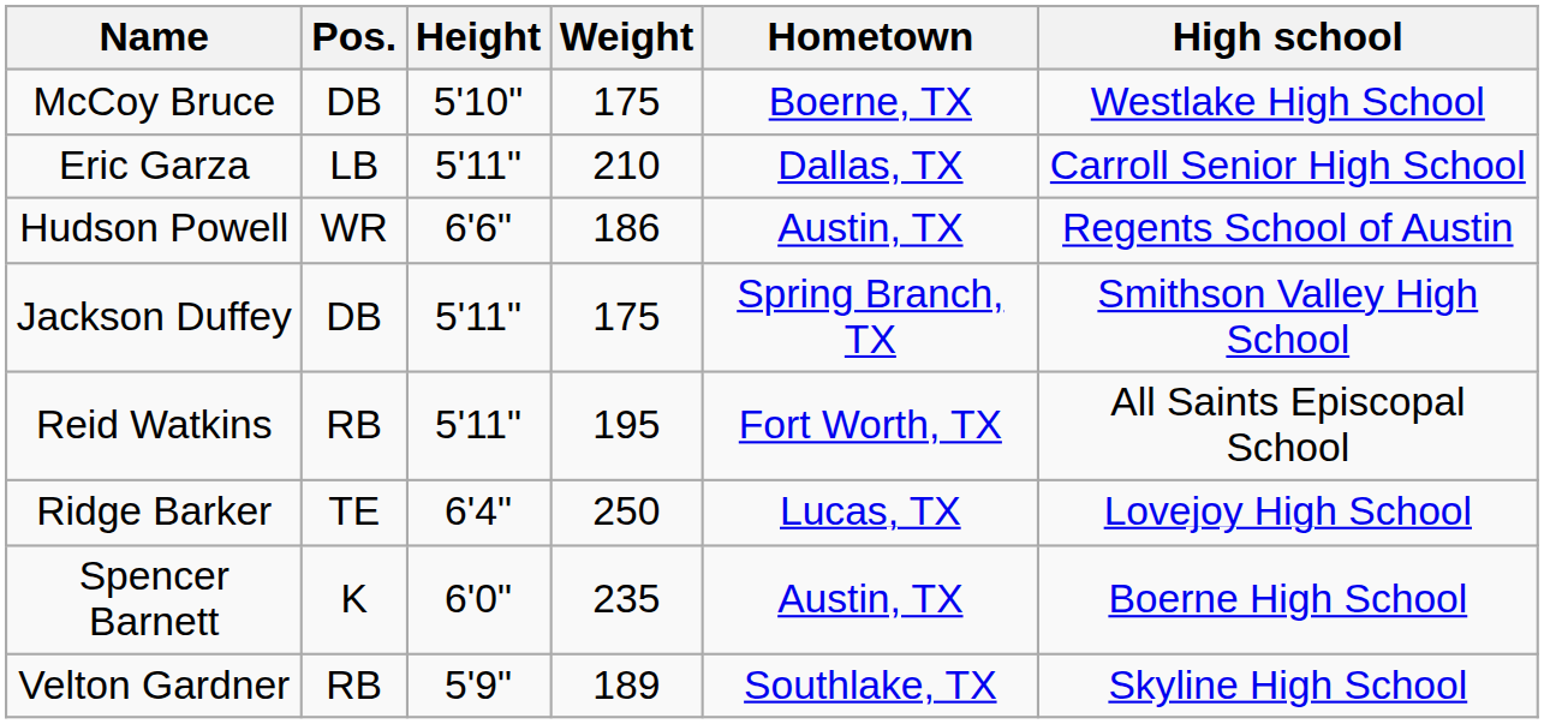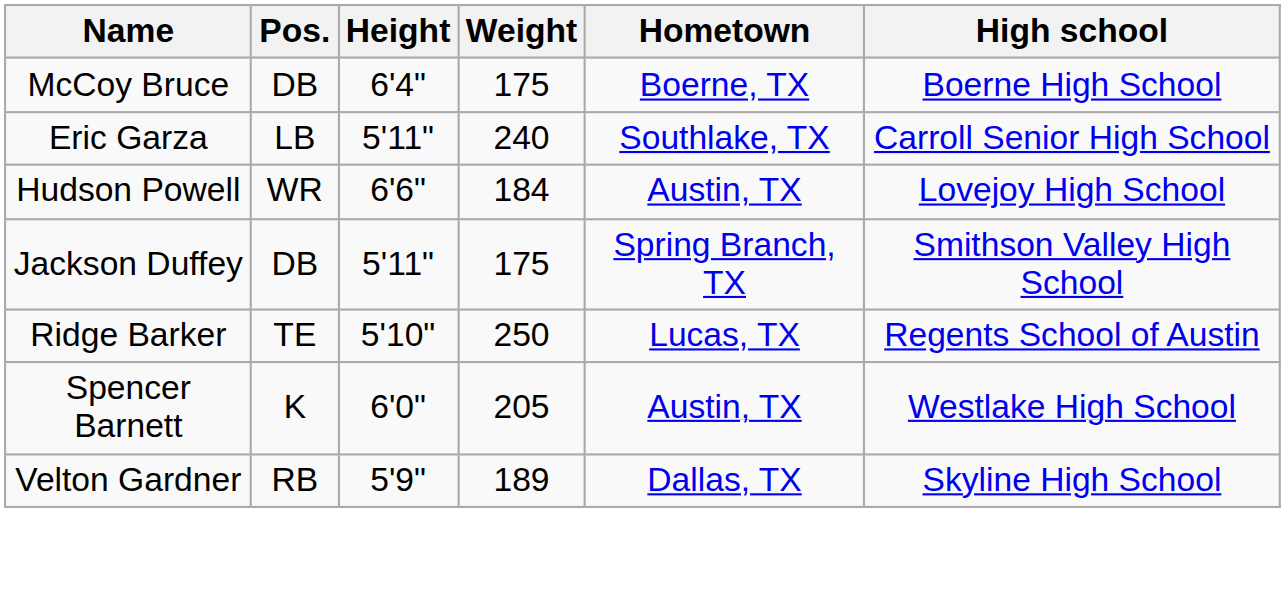 <table class="wikitable sortable">
 <tr>
 <th style="text-align:center; ">Name</th>
 <th style="text-align:center; ">Pos.</th>
 <th style="text-align:center; ">Height</th>
 <th style="text-align:center; ">Weight</th>
 <th style="text-align:center; ">Hometown</th>
 <th style="text-align:center; ">High school</th>
 </tr>
 <tr align="center">
 <td>McCoy Bruce</td>
 <td>DB</td>
-<td>5'10"</td>
+<td>6'4"</td>
 <td>175</td>
 <td><a href='#'>Boerne, TX</a></td>
-<td><a href='#'>Westlake High School</a></td>
+<td><a href='#'>Boerne High School</a></td>
 </tr>
 <tr align="center">
 <td>Eric Garza</td>
 <td>LB</td>
 <td>5'11"</td>
-<td>210</td>
-<td><a href='#'>Dallas, TX</a></td>
+<td>240</td>
+<td><a href='#'>Southlake, TX</a></td>
 <td><a href='#'>Carroll Senior High School</a></td>
 </tr>
 <tr align="center">
 <td>Hudson Powell</td>
 <td>WR</td>
 <td>6'6"</td>
-<td>186</td>
+<td>184</td>
 <td><a href='#'>Austin, TX</a></td>
-<td><a href='#'>Regents School of Austin</a></td>
+<td><a href='#'>Lovejoy High School</a></td>
 </tr>
 <tr align="center">
 <td>Jackson Duffey</td>
 <td>DB</td>
 <td>5'11"</td>
 <td>175</td>
 <td><a href='#'>Spring Branch, TX</a></td>
 <td><a href='#'>Smithson Valley High School</a></td>
 </tr>
 <tr align="center">
-<td>Reid Watkins</td>
-<td>RB</td>
-<td>5'11"</td>
-<td>195</td>
-<td><a href='#'>Fort Worth, TX</a></td>
-<td>All Saints Episcopal School</td>
-</tr>
-<tr align="center">
 <td>Ridge Barker</td>
 <td>TE</td>
-<td>6'4"</td>
+<td>5'10"</td>
 <td>250</td>
 <td><a href='#'>Lucas, TX</a></td>
-<td><a href='#'>Lovejoy High School</a></td>
+<td><a href='#'>Regents School of Austin</a></td>
 </tr>
 <tr align="center">
 <td>Spencer Barnett</td>
 <td>K</td>
 <td>6'0"</td>
-<td>235</td>
+<td>205</td>
 <td><a href='#'>Austin, TX</a></td>
-<td><a href='#'>Boerne High School</a></td>
+<td><a href='#'>Westlake High School</a></td>
 </tr>
 <tr align="center">
 <td>Velton Gardner</td>
 <td>RB</td>
 <td>5'9"</td>
 <td>189</td>
-<td><a href='#'>Southlake, TX</a></td>
+<td><a href='#'>Dallas, TX</a></td>
 <td><a href='#'>Skyline High School</a></td>
 </tr>
 </table>
